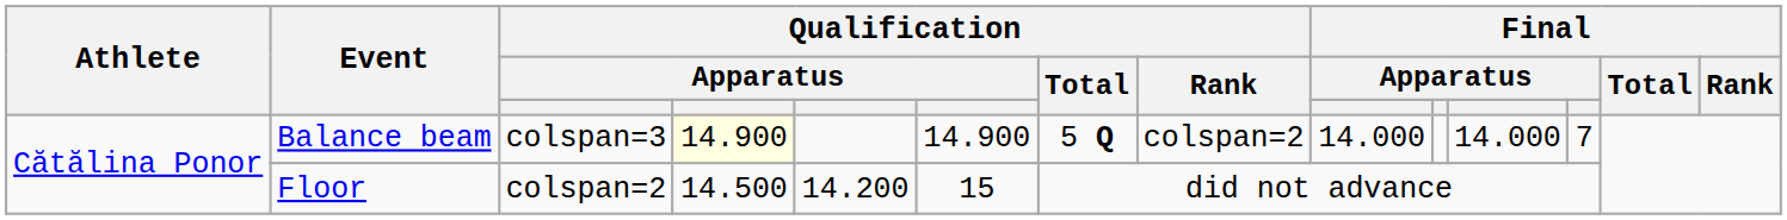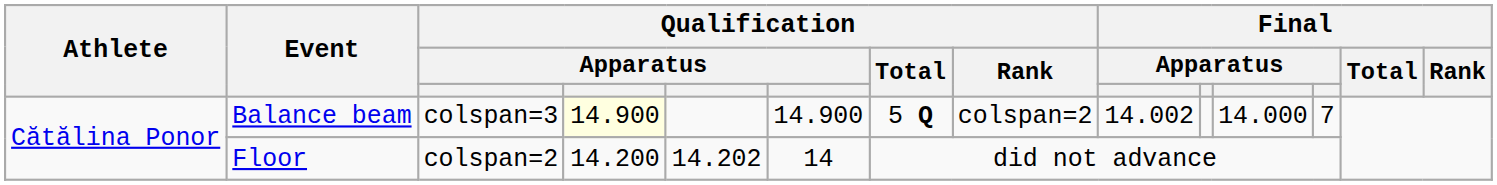 <table class="wikitable" style="font-size:90%">
 <tr>
 <th rowspan=3>Athlete</th>
 <th rowspan=3>Event</th>
 <th colspan=6>Qualification</th>
 <th colspan=6>Final</th>
 </tr>
 <tr style="font-size:95%">
 <th colspan=4>Apparatus</th>
 <th rowspan=2>Total</th>
 <th rowspan=2>Rank</th>
 <th colspan=4>Apparatus</th>
 <th rowspan=2>Total</th>
 <th rowspan=2>Rank</th>
 </tr>
 <tr style="font-size:95%">
 <th></th>
 <th></th>
 <th></th>
 <th></th>
 <th></th>
 <th></th>
 <th></th>
 <th></th>
 </tr>
 <tr align=center>
 <td align=left rowspan=2><a href='#'>Cătălina Ponor</a></td>
 <td align=left><a href='#'>Balance beam</a></td>
 <td>colspan=3 </td>
 <td style="background: lightyellow;">14.900</td>
 <td></td>
 <td>14.900</td>
 <td>5 <strong>Q</strong></td>
 <td>colspan=2 </td>
-<td>14.000</td>
+<td>14.002</td>
 <td></td>
 <td>14.000</td>
 <td>7</td>
 </tr>
 <tr align=center>
 <td align=left><a href='#'>Floor</a></td>
 <td>colspan=2 </td>
-<td>14.500</td>
 <td>14.200</td>
-<td>15</td>
+<td>14.202</td>
+<td>14</td>
 <td colspan=6>did not advance</td>
 </tr>
 </table>
